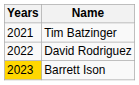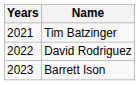 <table class="wikitable">
 <tr>
 <th>Years</th>
 <th>Name</th>
 </tr>
 <tr>
 <td>2021</td>
 <td>Tim Batzinger</td>
 </tr>
 <tr>
 <td>2022</td>
 <td>David Rodriguez</td>
 </tr>
 <tr>
-<td style="background: gold;">2023</td>
+<td>2023</td>
 <td>Barrett Ison</td>
 </tr>
 </table>
